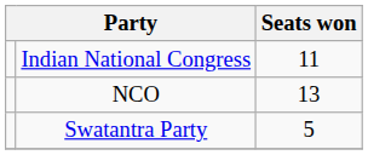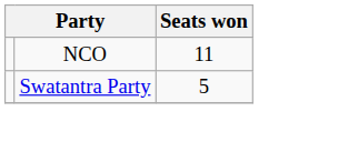 <table class="wikitable" style="text-align:center">
 <tr>
 <th colspan=2>Party</th>
 <th>Seats won</th>
 </tr>
 <tr>
 <td></td>
-<td><a href='#'>Indian National Congress</a></td>
+<td>NCO</td>
 <td>11</td>
-</tr>
-<tr>
-<td></td>
-<td>NCO</td>
-<td>13</td>
 </tr>
 <tr>
 <td></td>
 <td><a href='#'>Swatantra Party</a></td>
 <td>5</td>
 </tr>
 <tr>
 </tr>
 </table>
